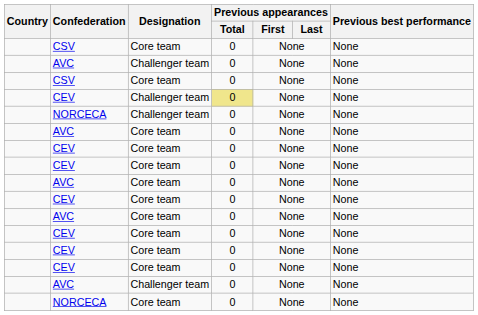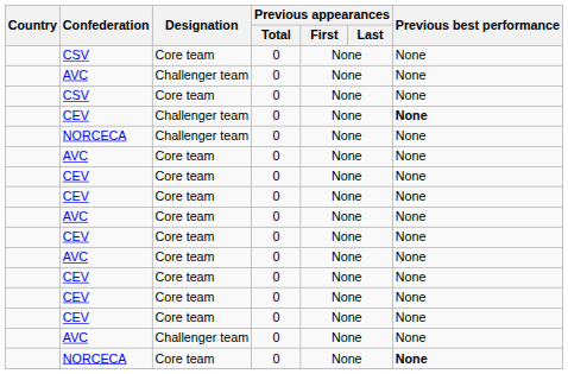 <table class="wikitable sortable">
 <tr>
 <th rowspan=2>Country</th>
 <th rowspan=2>Confederation</th>
 <th rowspan=2>Designation</th>
 <th colspan=3>Previous appearances</th>
 <th rowspan=2>Previous best performance</th>
 </tr>
 <tr>
 <th>Total</th>
 <th>First</th>
 <th>Last</th>
 </tr>
 <tr>
 <td></td>
 <td><a href='#'>CSV</a></td>
 <td>Core team</td>
 <td style="text-align:center">0</td>
 <td colspan=2 style="text-align:center">None</td>
 <td>None</td>
 </tr>
 <tr>
 <td></td>
 <td><a href='#'>AVC</a></td>
 <td>Challenger team</td>
 <td style="text-align:center">0</td>
 <td colspan=2 style="text-align:center">None</td>
 <td>None</td>
 </tr>
 <tr>
 <td></td>
 <td><a href='#'>CSV</a></td>
 <td>Core team</td>
 <td style="text-align:center">0</td>
 <td colspan=2 style="text-align:center">None</td>
 <td>None</td>
 </tr>
 <tr>
 <td></td>
 <td><a href='#'>CEV</a></td>
 <td>Challenger team</td>
-<td style="background: khaki; text-align:center">0</td>
+<td style="text-align:center">0</td>
 <td colspan=2 style="text-align:center">None</td>
-<td>None</td>
+<td><strong>None</strong></td>
 </tr>
 <tr>
 <td></td>
 <td><a href='#'>NORCECA</a></td>
 <td>Challenger team</td>
 <td style="text-align:center">0</td>
 <td colspan=2 style="text-align:center">None</td>
 <td>None</td>
 </tr>
 <tr>
 <td></td>
 <td><a href='#'>AVC</a></td>
 <td>Core team</td>
 <td style="text-align:center">0</td>
 <td colspan=2 style="text-align:center">None</td>
 <td>None</td>
 </tr>
 <tr>
 <td></td>
 <td><a href='#'>CEV</a></td>
 <td>Core team</td>
 <td style="text-align:center">0</td>
 <td colspan=2 style="text-align:center">None</td>
 <td>None</td>
 </tr>
 <tr>
 <td></td>
 <td><a href='#'>CEV</a></td>
 <td>Core team</td>
 <td style="text-align:center">0</td>
 <td colspan=2 style="text-align:center">None</td>
 <td>None</td>
 </tr>
 <tr>
 <td></td>
 <td><a href='#'>AVC</a></td>
 <td>Core team</td>
 <td style="text-align:center">0</td>
 <td colspan=2 style="text-align:center">None</td>
 <td>None</td>
 </tr>
 <tr>
 <td></td>
 <td><a href='#'>CEV</a></td>
 <td>Core team</td>
 <td style="text-align:center">0</td>
 <td colspan=2 style="text-align:center">None</td>
 <td>None</td>
 </tr>
 <tr>
 <td></td>
 <td><a href='#'>AVC</a></td>
 <td>Core team</td>
 <td style="text-align:center">0</td>
 <td colspan=2 style="text-align:center">None</td>
 <td>None</td>
 </tr>
 <tr>
 <td></td>
 <td><a href='#'>CEV</a></td>
 <td>Core team</td>
 <td style="text-align:center">0</td>
 <td colspan=2 style="text-align:center">None</td>
 <td>None</td>
 </tr>
 <tr>
 <td></td>
 <td><a href='#'>CEV</a></td>
 <td>Core team</td>
 <td style="text-align:center">0</td>
 <td colspan=2 style="text-align:center">None</td>
 <td>None</td>
 </tr>
 <tr>
 <td></td>
 <td><a href='#'>CEV</a></td>
 <td>Core team</td>
 <td style="text-align:center">0</td>
 <td colspan=2 style="text-align:center">None</td>
 <td>None</td>
 </tr>
 <tr>
 <td></td>
 <td><a href='#'>AVC</a></td>
 <td>Challenger team</td>
 <td style="text-align:center">0</td>
 <td colspan=2 style="text-align:center">None</td>
 <td>None</td>
 </tr>
 <tr>
 <td></td>
 <td><a href='#'>NORCECA</a></td>
 <td>Core team</td>
 <td style="text-align:center">0</td>
 <td colspan=2 style="text-align:center">None</td>
-<td>None</td>
+<td><strong>None</strong></td>
 </tr>
 </table>
